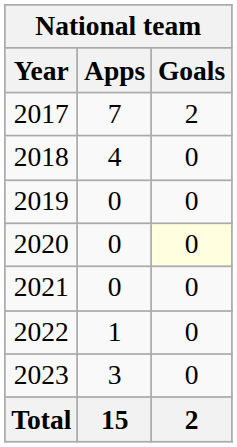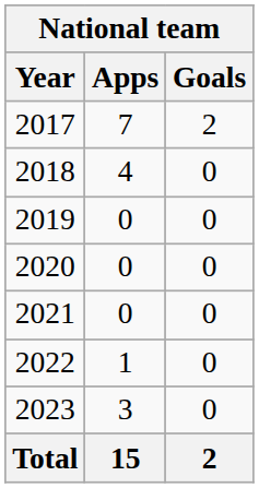 <table class="wikitable" style="text-align:center">
 <tr>
 <th colspan=3>National team</th>
 </tr>
 <tr>
 <th>Year</th>
 <th>Apps</th>
 <th>Goals</th>
 </tr>
 <tr>
 <td>2017</td>
 <td>7</td>
 <td>2</td>
 </tr>
 <tr>
 <td>2018</td>
 <td>4</td>
 <td>0</td>
 </tr>
 <tr>
 <td>2019</td>
 <td>0</td>
 <td>0</td>
 </tr>
 <tr>
 <td>2020</td>
 <td>0</td>
-<td style="background: lightyellow;">0</td>
+<td>0</td>
 </tr>
 <tr>
 <td>2021</td>
 <td>0</td>
 <td>0</td>
 </tr>
 <tr>
 <td>2022</td>
 <td>1</td>
 <td>0</td>
 </tr>
 <tr>
 <td>2023</td>
 <td>3</td>
 <td>0</td>
 </tr>
 <tr>
 <th>Total</th>
 <th>15</th>
 <th>2</th>
 </tr>
 </table>
